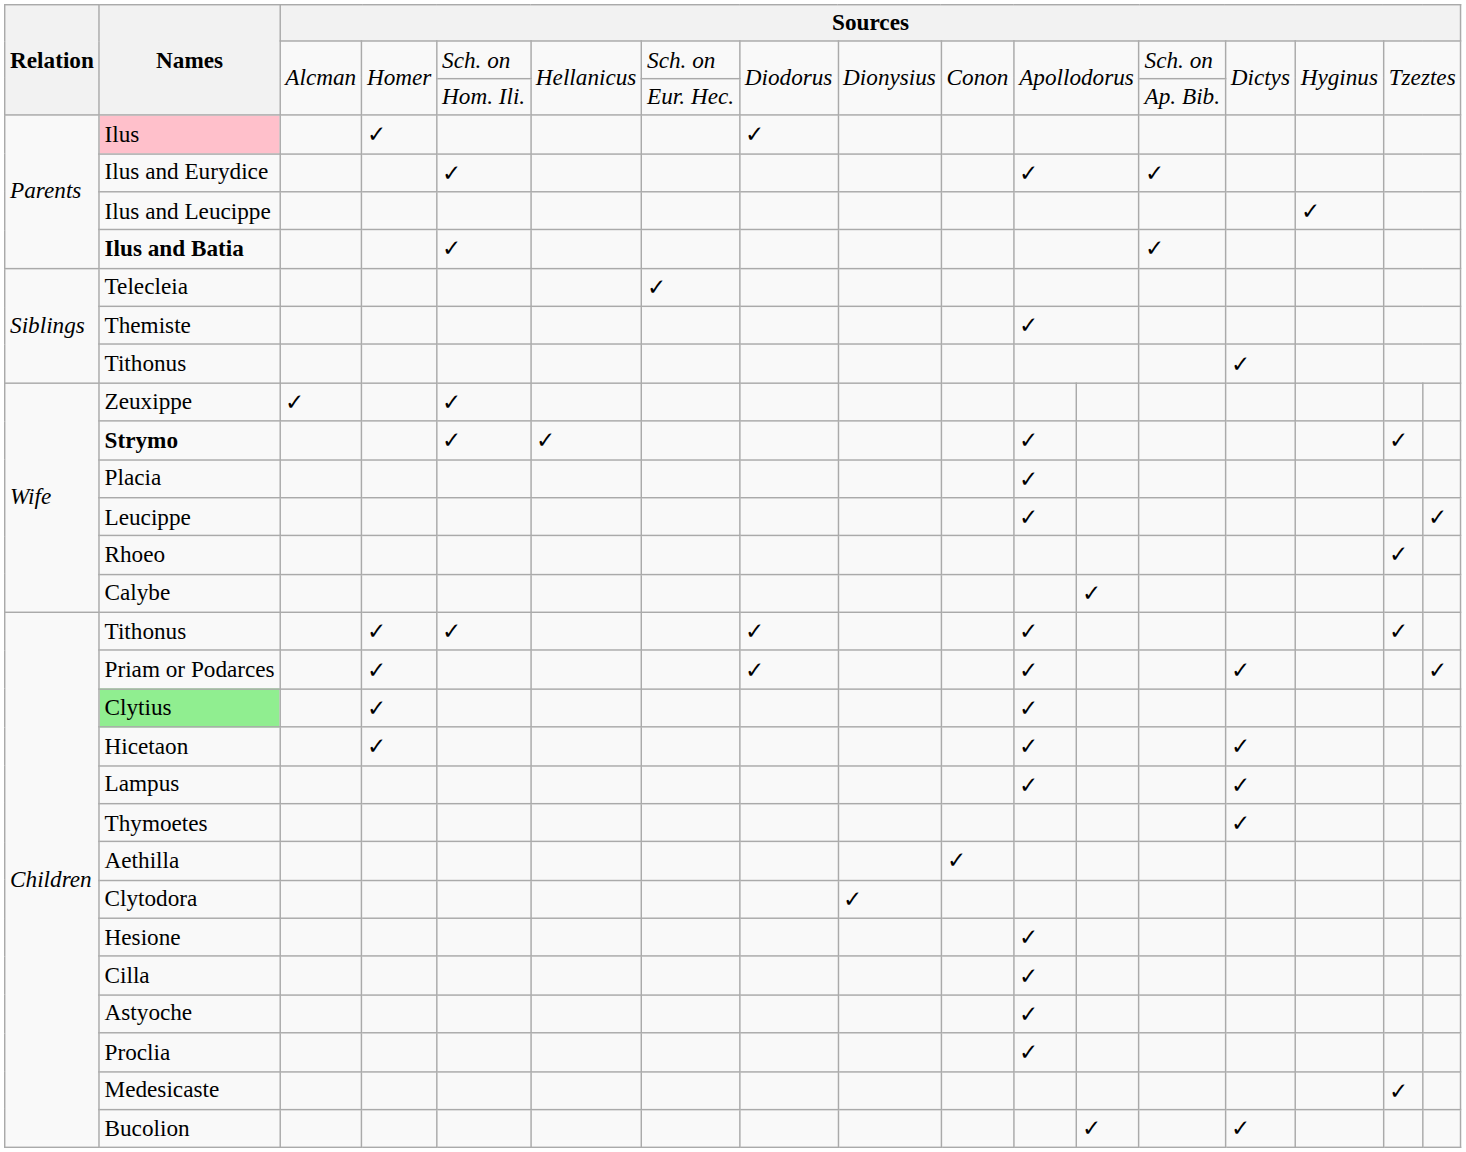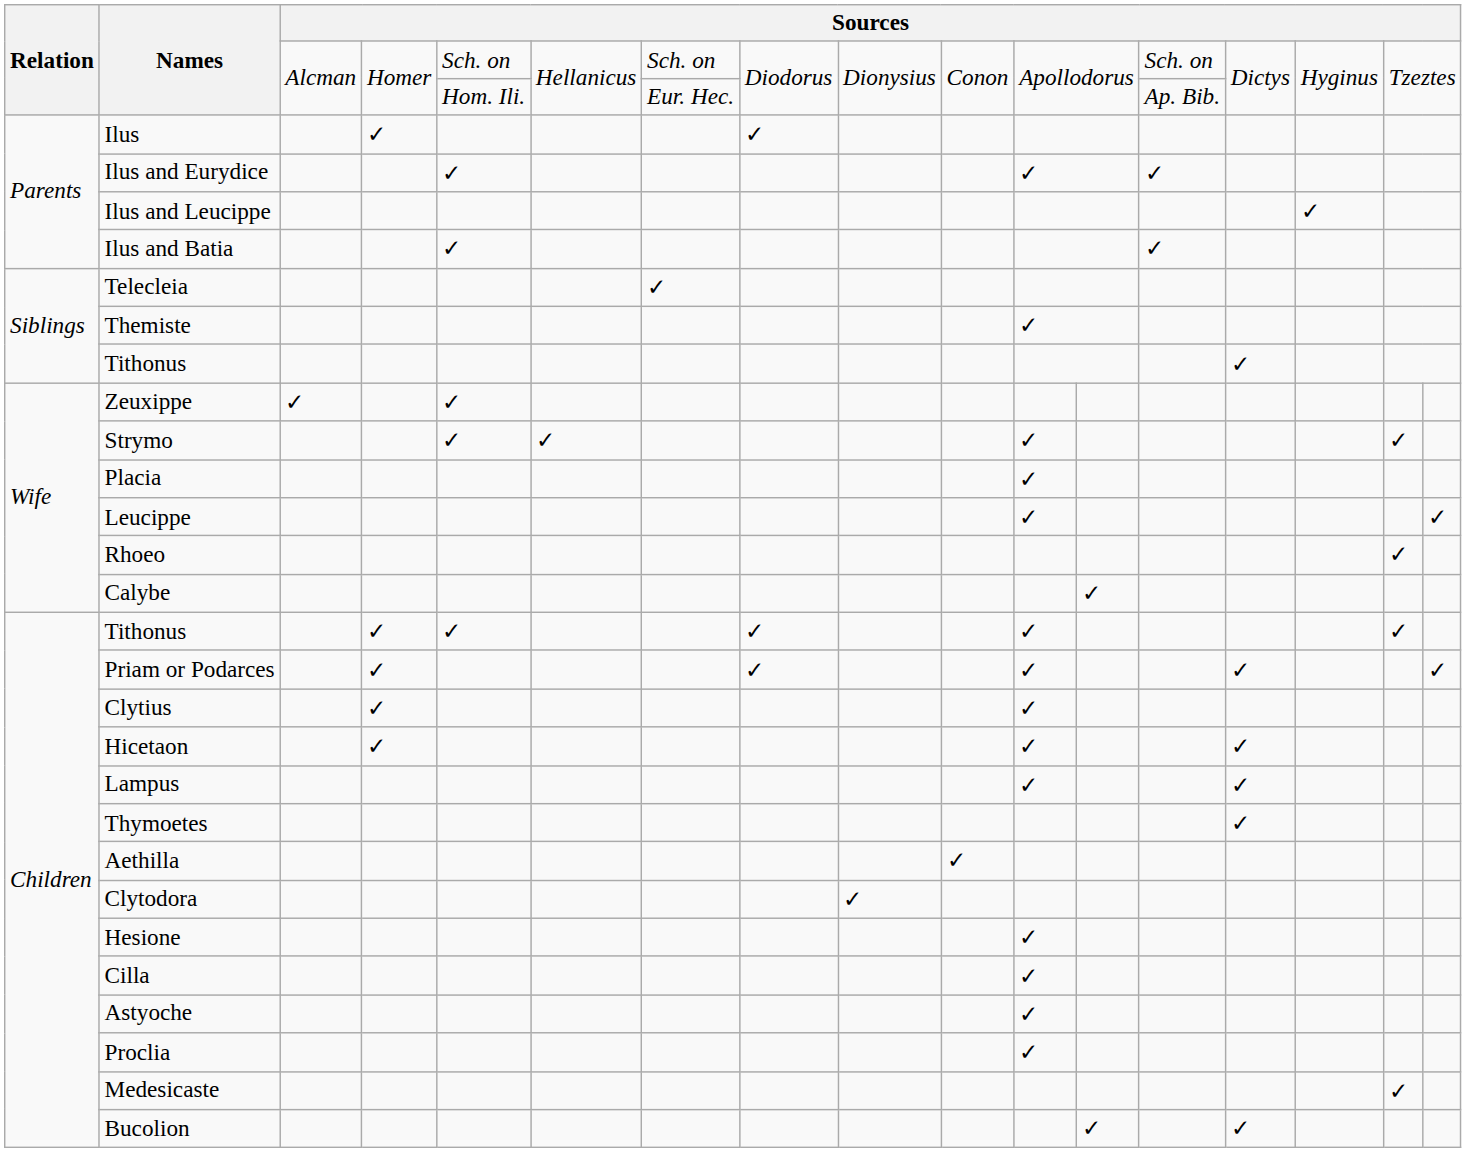 <table class="wikitable">
 <tr>
 <th rowspan="3"><strong>Relation</strong></th>
 <th rowspan="3">Names</th>
 <th colspan="15">Sources</th>
 </tr>
 <tr>
 <td rowspan="2"><em>Alcman</em></td>
 <td rowspan="2"><em>Homer</em></td>
 <td><em>Sch. on</em></td>
 <td rowspan="2"><em>Hellanicus</em></td>
 <td><em>Sch. on</em></td>
 <td rowspan="2"><em>Diodorus</em></td>
 <td rowspan="2"><em>Dionysius</em></td>
 <td rowspan="2"><em>Conon</em></td>
 <td colspan="2" rowspan="2"><em>Apollodorus</em></td>
 <td><em>Sch. on</em></td>
 <td rowspan="2"><em>Dictys</em></td>
 <td rowspan="2"><em>Hyginus</em></td>
 <td colspan="2" rowspan="2"><em>Tzeztes</em></td>
 </tr>
 <tr>
 <td><em>Hom. Ili.</em></td>
 <td><em>Eur. Hec.</em></td>
 <td><em>Ap. Bib.</em></td>
 </tr>
 <tr>
 <td rowspan="4"><em>Parents</em></td>
-<td style="background: pink;">Ilus</td>
+<td>Ilus</td>
 <td></td>
 <td>✓</td>
 <td></td>
 <td></td>
 <td></td>
 <td>✓</td>
 <td></td>
 <td></td>
 <td colspan="2"></td>
 <td></td>
 <td></td>
 <td></td>
 <td colspan="2"></td>
 </tr>
 <tr>
 <td>Ilus and Eurydice</td>
 <td></td>
 <td></td>
 <td>✓</td>
 <td></td>
 <td></td>
 <td></td>
 <td></td>
 <td></td>
 <td colspan="2">✓</td>
 <td>✓</td>
 <td></td>
 <td></td>
 <td colspan="2"></td>
 </tr>
 <tr>
 <td>Ilus and Leucippe</td>
 <td></td>
 <td></td>
 <td></td>
 <td></td>
 <td></td>
 <td></td>
 <td></td>
 <td></td>
 <td colspan="2"></td>
 <td></td>
 <td></td>
 <td>✓</td>
 <td colspan="2"></td>
 </tr>
 <tr>
-<td><strong>Ilus and Batia</strong></td>
+<td>Ilus and Batia</td>
 <td></td>
 <td></td>
 <td>✓</td>
 <td></td>
 <td></td>
 <td></td>
 <td></td>
 <td></td>
 <td colspan="2"></td>
 <td>✓</td>
 <td></td>
 <td></td>
 <td colspan="2"></td>
 </tr>
 <tr>
 <td rowspan="3"><em>Siblings</em></td>
 <td>Telecleia</td>
 <td></td>
 <td></td>
 <td></td>
 <td></td>
 <td>✓</td>
 <td></td>
 <td></td>
 <td></td>
 <td colspan="2"></td>
 <td></td>
 <td></td>
 <td></td>
 <td colspan="2"></td>
 </tr>
 <tr>
 <td>Themiste</td>
 <td></td>
 <td></td>
 <td></td>
 <td></td>
 <td></td>
 <td></td>
 <td></td>
 <td></td>
 <td colspan="2">✓</td>
 <td></td>
 <td></td>
 <td></td>
 <td colspan="2"></td>
 </tr>
 <tr>
 <td>Tithonus</td>
 <td></td>
 <td></td>
 <td></td>
 <td></td>
 <td></td>
 <td></td>
 <td></td>
 <td></td>
 <td colspan="2"></td>
 <td></td>
 <td>✓</td>
 <td></td>
 <td colspan="2"></td>
 </tr>
 <tr>
 <td rowspan="6"><em>Wife</em></td>
 <td>Zeuxippe</td>
 <td>✓</td>
 <td></td>
 <td>✓</td>
 <td></td>
 <td></td>
 <td></td>
 <td></td>
 <td></td>
 <td></td>
 <td></td>
 <td></td>
 <td></td>
 <td></td>
 <td></td>
 <td></td>
 </tr>
 <tr>
-<td><strong>Strymo</strong></td>
+<td>Strymo</td>
 <td></td>
 <td></td>
 <td>✓</td>
 <td>✓</td>
 <td></td>
 <td></td>
 <td></td>
 <td></td>
 <td>✓</td>
 <td></td>
 <td></td>
 <td></td>
 <td></td>
 <td>✓</td>
 <td></td>
 </tr>
 <tr>
 <td>Placia</td>
 <td></td>
 <td></td>
 <td></td>
 <td></td>
 <td></td>
 <td></td>
 <td></td>
 <td></td>
 <td>✓</td>
 <td></td>
 <td></td>
 <td></td>
 <td></td>
 <td></td>
 <td></td>
 </tr>
 <tr>
 <td>Leucippe</td>
 <td></td>
 <td></td>
 <td></td>
 <td></td>
 <td></td>
 <td></td>
 <td></td>
 <td></td>
 <td>✓</td>
 <td></td>
 <td></td>
 <td></td>
 <td></td>
 <td></td>
 <td>✓</td>
 </tr>
 <tr>
 <td>Rhoeo</td>
 <td></td>
 <td></td>
 <td></td>
 <td></td>
 <td></td>
 <td></td>
 <td></td>
 <td></td>
 <td></td>
 <td></td>
 <td></td>
 <td></td>
 <td></td>
 <td>✓</td>
 <td></td>
 </tr>
 <tr>
 <td>Calybe</td>
 <td></td>
 <td></td>
 <td></td>
 <td></td>
 <td></td>
 <td></td>
 <td></td>
 <td></td>
 <td></td>
 <td>✓</td>
 <td></td>
 <td></td>
 <td></td>
 <td></td>
 <td></td>
 </tr>
 <tr>
 <td rowspan="14"><em>Children</em></td>
 <td>Tithonus</td>
 <td></td>
 <td>✓</td>
 <td>✓</td>
 <td></td>
 <td></td>
 <td>✓</td>
 <td></td>
 <td></td>
 <td>✓</td>
 <td></td>
 <td></td>
 <td></td>
 <td></td>
 <td>✓</td>
 <td></td>
 </tr>
 <tr>
 <td>Priam or Podarces</td>
 <td></td>
 <td>✓</td>
 <td></td>
 <td></td>
 <td></td>
 <td>✓</td>
 <td></td>
 <td></td>
 <td>✓</td>
 <td></td>
 <td></td>
 <td>✓</td>
 <td></td>
 <td></td>
 <td>✓</td>
 </tr>
 <tr>
-<td style="background: lightgreen;">Clytius</td>
+<td>Clytius</td>
 <td></td>
 <td>✓</td>
 <td></td>
 <td></td>
 <td></td>
 <td></td>
 <td></td>
 <td></td>
 <td>✓</td>
 <td></td>
 <td></td>
 <td></td>
 <td></td>
 <td></td>
 <td></td>
 </tr>
 <tr>
 <td>Hicetaon</td>
 <td></td>
 <td>✓</td>
 <td></td>
 <td></td>
 <td></td>
 <td></td>
 <td></td>
 <td></td>
 <td>✓</td>
 <td></td>
 <td></td>
 <td>✓</td>
 <td></td>
 <td></td>
 <td></td>
 </tr>
 <tr>
 <td>Lampus</td>
 <td></td>
 <td></td>
 <td></td>
 <td></td>
 <td></td>
 <td></td>
 <td></td>
 <td></td>
 <td>✓</td>
 <td></td>
 <td></td>
 <td>✓</td>
 <td></td>
 <td></td>
 <td></td>
 </tr>
 <tr>
 <td>Thymoetes</td>
 <td></td>
 <td></td>
 <td></td>
 <td></td>
 <td></td>
 <td></td>
 <td></td>
 <td></td>
 <td></td>
 <td></td>
 <td></td>
 <td>✓</td>
 <td></td>
 <td></td>
 <td></td>
 </tr>
 <tr>
 <td>Aethilla</td>
 <td></td>
 <td></td>
 <td></td>
 <td></td>
 <td></td>
 <td></td>
 <td></td>
 <td>✓</td>
 <td></td>
 <td></td>
 <td></td>
 <td></td>
 <td></td>
 <td></td>
 <td></td>
 </tr>
 <tr>
 <td>Clytodora</td>
 <td></td>
 <td></td>
 <td></td>
 <td></td>
 <td></td>
 <td></td>
 <td>✓</td>
 <td></td>
 <td></td>
 <td></td>
 <td></td>
 <td></td>
 <td></td>
 <td></td>
 <td></td>
 </tr>
 <tr>
 <td>Hesione</td>
 <td></td>
 <td></td>
 <td></td>
 <td></td>
 <td></td>
 <td></td>
 <td></td>
 <td></td>
 <td>✓</td>
 <td></td>
 <td></td>
 <td></td>
 <td></td>
 <td></td>
 <td></td>
 </tr>
 <tr>
 <td>Cilla</td>
 <td></td>
 <td></td>
 <td></td>
 <td></td>
 <td></td>
 <td></td>
 <td></td>
 <td></td>
 <td>✓</td>
 <td></td>
 <td></td>
 <td></td>
 <td></td>
 <td></td>
 <td></td>
 </tr>
 <tr>
 <td>Astyoche</td>
 <td></td>
 <td></td>
 <td></td>
 <td></td>
 <td></td>
 <td></td>
 <td></td>
 <td></td>
 <td>✓</td>
 <td></td>
 <td></td>
 <td></td>
 <td></td>
 <td></td>
 <td></td>
 </tr>
 <tr>
 <td>Proclia</td>
 <td></td>
 <td></td>
 <td></td>
 <td></td>
 <td></td>
 <td></td>
 <td></td>
 <td></td>
 <td>✓</td>
 <td></td>
 <td></td>
 <td></td>
 <td></td>
 <td></td>
 <td></td>
 </tr>
 <tr>
 <td>Medesicaste</td>
 <td></td>
 <td></td>
 <td></td>
 <td></td>
 <td></td>
 <td></td>
 <td></td>
 <td></td>
 <td></td>
 <td></td>
 <td></td>
 <td></td>
 <td></td>
 <td>✓</td>
 <td></td>
 </tr>
 <tr>
 <td>Bucolion</td>
 <td></td>
 <td></td>
 <td></td>
 <td></td>
 <td></td>
 <td></td>
 <td></td>
 <td></td>
 <td></td>
 <td>✓</td>
 <td></td>
 <td>✓</td>
 <td></td>
 <td></td>
 <td></td>
 </tr>
 </table>
